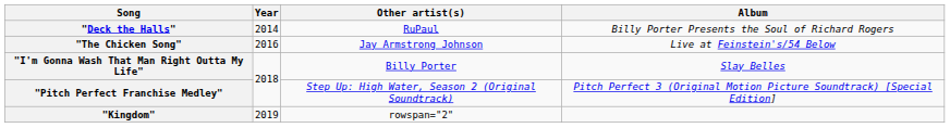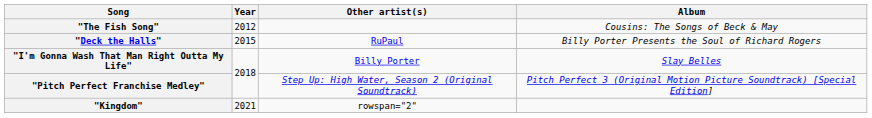 <table class="wikitable plainrowheaders" style="text-align:center;" border="1">
 <tr>
 <th>Song</th>
 <th>Year</th>
 <th>Other artist(s)</th>
 <th>Album</th>
 </tr>
 <tr>
+<th scope="row">"The Fish Song"</th>
+<td>2012</td>
+<td></td>
+<td><em>Cousins: The Songs of Beck & May</em></td>
+</tr>
+<tr>
 <th scope="row">"<a href='#'>Deck the Halls</a>"</th>
-<td>2014</td>
+<td>2015</td>
 <td><a href='#'>RuPaul</a></td>
 <td><em>Billy Porter Presents the Soul of Richard Rogers</em></td>
-</tr>
-<tr>
-<th scope="row">"The Chicken Song"</th>
-<td>2016</td>
-<td><a href='#'>Jay Armstrong Johnson</a></td>
-<td><em>Live at <a href='#'>Feinstein's/54 Below</a></em></td>
 </tr>
 <tr>
 <th scope="row">"I'm Gonna Wash That Man Right Outta My Life"</th>
 <td rowspan="2">2018</td>
 <td><a href='#'>Billy Porter</a></td>
 <td><em><a href='#'>Slay Belles</a></em></td>
 </tr>
 <tr>
 <th scope="row">"Pitch Perfect Franchise Medley"</th>
 <td><em><a href='#'>Step Up: High Water, Season 2 (Original Soundtrack)</a></em></td>
 <td><em><a href='#'>Pitch Perfect 3 (Original Motion Picture Soundtrack) [Special Edition</a>]</em></td>
 </tr>
 <tr>
 <th scope="row">"Kingdom"</th>
-<td>2019</td>
+<td>2021</td>
 <td>rowspan="2" </td>
 </tr>
 </table>
